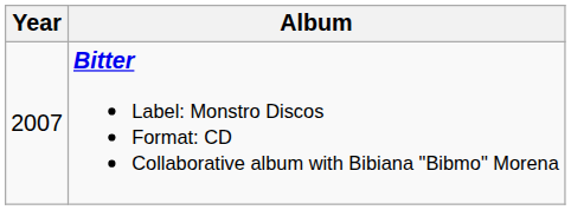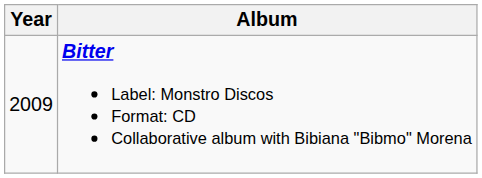 <table class="wikitable">
 <tr>
 <th>Year</th>
 <th>Album</th>
 </tr>
 <tr>
-<td>2007</td>
+<td>2009</td>
 <td><strong><em><a href='#'>Bitter</a></em></strong><br><ul><li><small>Label: Monstro Discos</small></li><li><small>Format: CD</small></li><li><small>Collaborative album with Bibiana "Bibmo" Morena</small></li></ul></td>
 </tr>
 </table>
